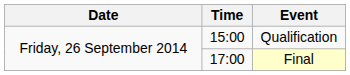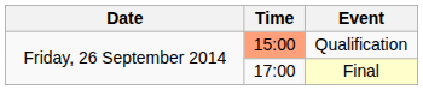 <table class = "wikitable" style="text-align:center;">
 <tr>
 <th width=220>Date</th>
 <th width=50>Time</th>
 <th width=100>Event</th>
 </tr>
 <tr>
 <td rowspan=2>Friday, 26 September 2014</td>
-<td>15:00</td>
+<td style="background: lightsalmon;">15:00</td>
 <td>Qualification</td>
 </tr>
 <tr>
 <td>17:00</td>
 <td bgcolor=ffffcc>Final</td>
 </tr>
 </table>
